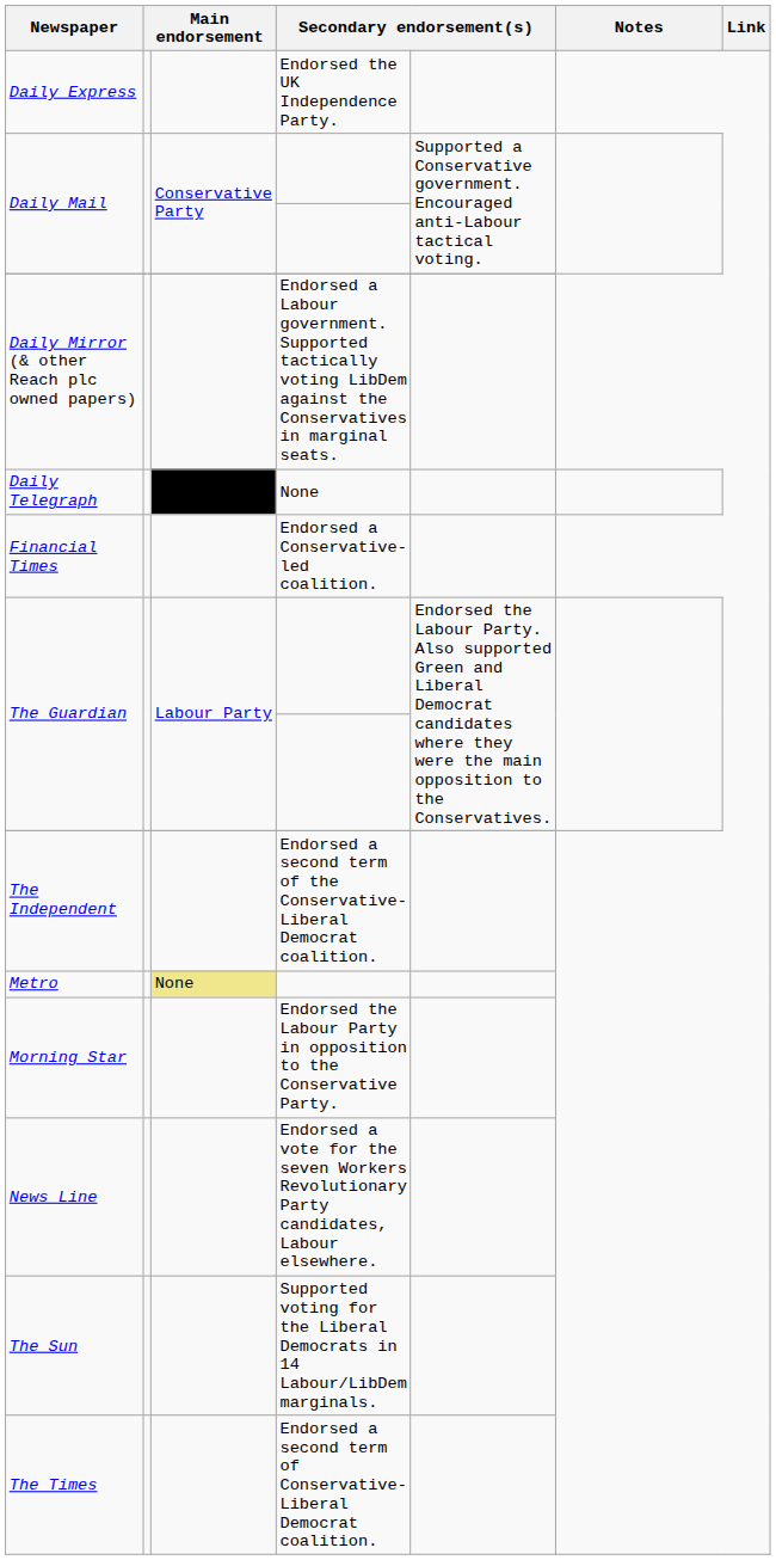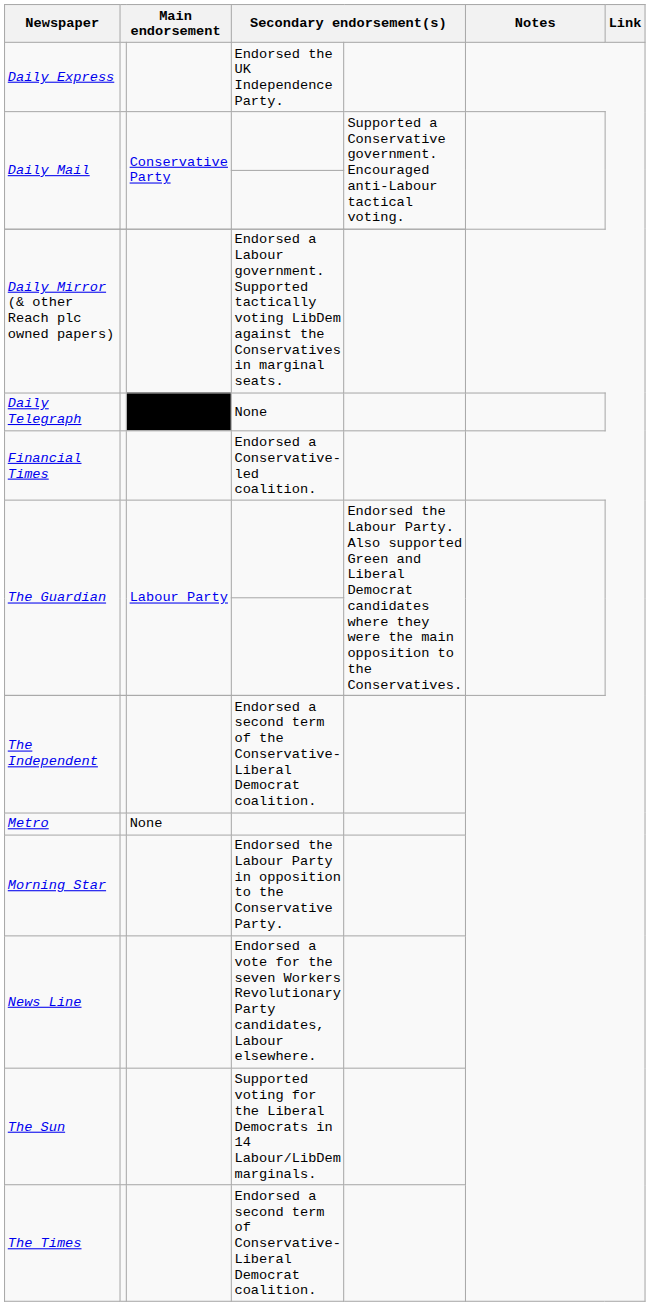 <table class="wikitable">
 <tr>
 <th style="width:200px;">Newspaper</th>
 <th colspan=2>Main endorsement</th>
 <th colspan=2>Secondary endorsement(s)</th>
 <th style="width:600px;">Notes</th>
 <th style="width:35px;">Link</th>
 </tr>
 <tr>
 <td><em><a href='#'>Daily Express</a></em></td>
 <td></td>
 <td></td>
 <td>Endorsed the UK Independence Party.</td>
 <td></td>
 </tr>
 <tr>
 <td rowspan="2"><em><a href='#'>Daily Mail</a></em></td>
 <td rowspan="2" style="background-color: "></td>
 <td rowspan="2"><a href='#'>Conservative Party</a></td>
 <td></td>
 <td rowspan="2">Supported a Conservative government. Encouraged anti-Labour tactical voting.</td>
 <td rowspan="2"></td>
 </tr>
 <tr>
 <td></td>
 </tr>
 <tr>
 </tr>
 <tr>
 <td><em><a href='#'>Daily Mirror</a></em><br>(& other Reach plc owned papers)</td>
 <td></td>
 <td></td>
 <td>Endorsed a Labour government. Supported tactically voting LibDem against the Conservatives in marginal seats.</td>
 <td> </td>
 </tr>
 <tr>
 <td><em><a href='#'>Daily Telegraph</a></em></td>
 <td></td>
 <td style="background-color:black"></td>
 <td>None</td>
 <td></td>
 <td></td>
 </tr>
 <tr>
 <td><em><a href='#'>Financial Times</a></em></td>
 <td></td>
 <td></td>
 <td>Endorsed a Conservative-led coalition.</td>
 <td></td>
 </tr>
 <tr>
 <td rowspan="2"><em><a href='#'>The Guardian</a></em></td>
 <td rowspan="2" style="background-color: "></td>
 <td rowspan="2"><a href='#'>Labour Party</a></td>
 <td></td>
 <td rowspan="2">Endorsed the Labour Party. Also supported Green and Liberal Democrat candidates where they were the main opposition to the Conservatives.</td>
 <td rowspan="2"></td>
 </tr>
 <tr>
 <td></td>
 </tr>
 <tr>
 </tr>
 <tr>
 <td><em><a href='#'>The Independent</a></em></td>
 <td></td>
 <td></td>
 <td>Endorsed a second term of the Conservative-Liberal Democrat coalition.</td>
 <td> </td>
 </tr>
 <tr>
 <td><em><a href='#'>Metro</a></em></td>
 <td></td>
-<td style="background: khaki;">None</td>
+<td>None</td>
 <td></td>
 <td></td>
 </tr>
 <tr>
 <td><em><a href='#'>Morning Star</a></em></td>
 <td></td>
 <td></td>
 <td>Endorsed the Labour Party in opposition to the Conservative Party.</td>
 <td></td>
 </tr>
 <tr>
 <td><em><a href='#'>News Line</a></em></td>
 <td></td>
 <td></td>
 <td>Endorsed a vote for the seven Workers Revolutionary Party candidates, Labour elsewhere.</td>
 <td></td>
 </tr>
 <tr>
 <td><em><a href='#'>The Sun</a></em></td>
 <td></td>
 <td></td>
 <td>Supported voting for the Liberal Democrats in 14 Labour/LibDem marginals.</td>
 <td></td>
 </tr>
 <tr>
 <td><em><a href='#'>The Times</a></em></td>
 <td></td>
 <td></td>
 <td>Endorsed a second term of Conservative-Liberal Democrat coalition.</td>
 <td></td>
 </tr>
 </table>
